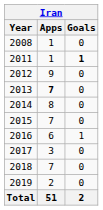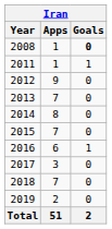 <table class="wikitable" style="text-align:center">
 <tr>
 <th colspan=3><a href='#'>Iran</a></th>
 </tr>
 <tr>
 <th>Year</th>
 <th>Apps</th>
 <th>Goals</th>
 </tr>
 <tr>
 <td>2008</td>
 <td>1</td>
-<td>0</td>
+<td><strong>0</strong></td>
 </tr>
 <tr>
 <td>2011</td>
 <td>1</td>
-<td><strong>1</strong></td>
+<td>1</td>
 </tr>
 <tr>
 <td>2012</td>
 <td>9</td>
 <td>0</td>
 </tr>
 <tr>
 <td>2013</td>
-<td><strong>7</strong></td>
+<td>7</td>
 <td>0</td>
 </tr>
 <tr>
 <td>2014</td>
 <td>8</td>
 <td>0</td>
 </tr>
 <tr>
 <td>2015</td>
 <td>7</td>
 <td>0</td>
 </tr>
 <tr>
 <td>2016</td>
 <td>6</td>
 <td>1</td>
 </tr>
 <tr>
 <td>2017</td>
 <td>3</td>
 <td>0</td>
 </tr>
 <tr>
 <td>2018</td>
 <td>7</td>
 <td>0</td>
 </tr>
 <tr>
 <td>2019</td>
 <td>2</td>
 <td>0</td>
 </tr>
 <tr>
 <th>Total</th>
 <th>51</th>
 <th>2</th>
 </tr>
 </table>
